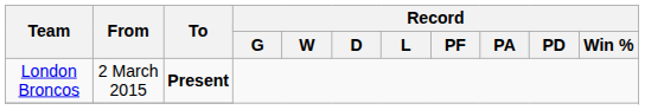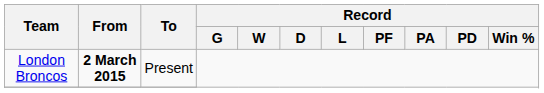 <table class="wikitable" style="text-align: center">
 <tr>
 <th rowspan="2">Team</th>
 <th rowspan="2">From</th>
 <th rowspan="2">To</th>
 <th colspan="40">Record</th>
 </tr>
 <tr>
 <th width=40>G</th>
 <th width=40>W</th>
 <th width=40>D</th>
 <th width=40>L</th>
 <th width=40>PF</th>
 <th width=40>PA</th>
 <th width=40>PD</th>
 <th width=50>Win %</th>
 </tr>
 <tr>
 <td><a href='#'>London Broncos</a></td>
-<td>2 March 2015</td>
-<td><strong>Present<br></strong></td>
+<td><strong>2 March 2015</strong></td>
+<td>Present<br></td>
 </tr>
 <tr>
 </tr>
 </table>
